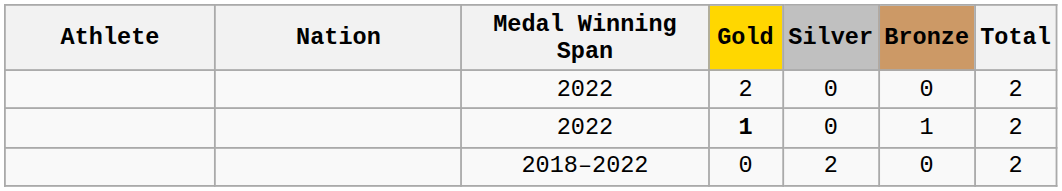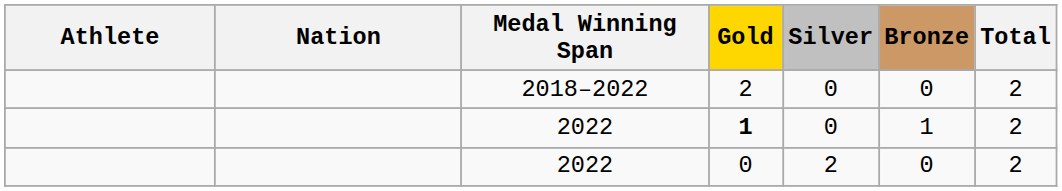 <table class="wikitable sortable" style="text-align:center">
 <tr>
 <th width=110px>Athlete</th>
 <th width=130px>Nation</th>
 <th width=130px>Medal Winning Span</th>
 <th width=35px style="background-color: gold"><strong>Gold</strong></th>
 <th width=35px style="background-color: silver"><strong>Silver</strong></th>
 <th width=35px style="background-color: #cc9966"><strong>Bronze</strong></th>
 <th width=35px>Total</th>
 </tr>
 <tr>
 <td align=left></td>
 <td align=left></td>
-<td>2022</td>
+<td>2018–2022</td>
 <td>2</td>
 <td>0</td>
 <td>0</td>
 <td>2</td>
 </tr>
 <tr>
 <td align=left></td>
 <td align=left></td>
 <td>2022</td>
 <td><strong>1</strong></td>
 <td>0</td>
 <td>1</td>
 <td>2</td>
 </tr>
 <tr>
 <td align=left></td>
 <td align=left></td>
-<td>2018–2022</td>
+<td>2022</td>
 <td>0</td>
 <td>2</td>
 <td>0</td>
 <td>2</td>
 </tr>
 </table>
